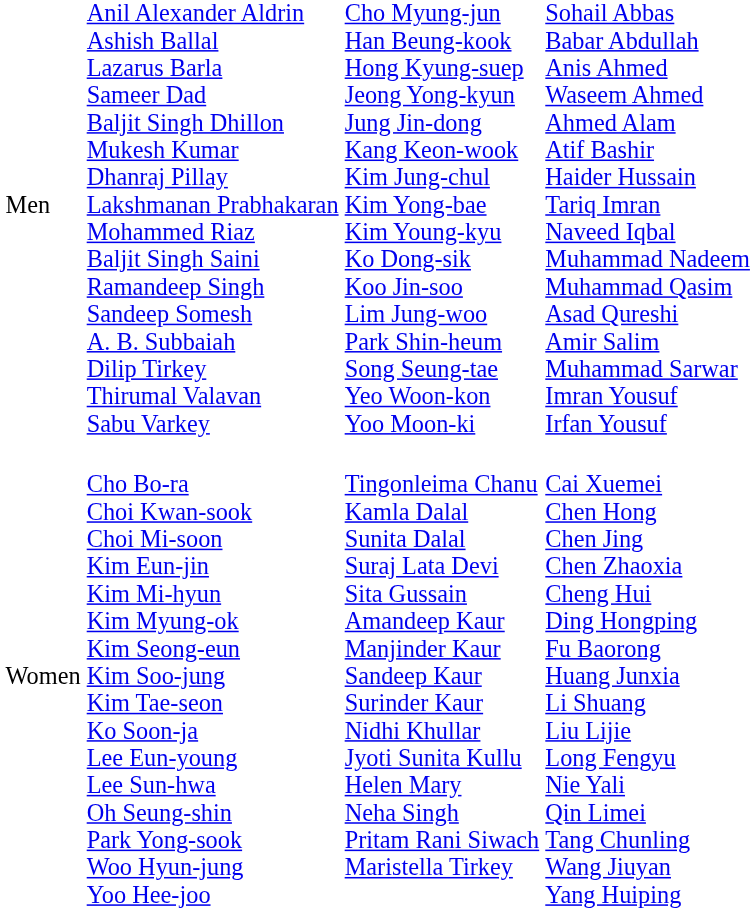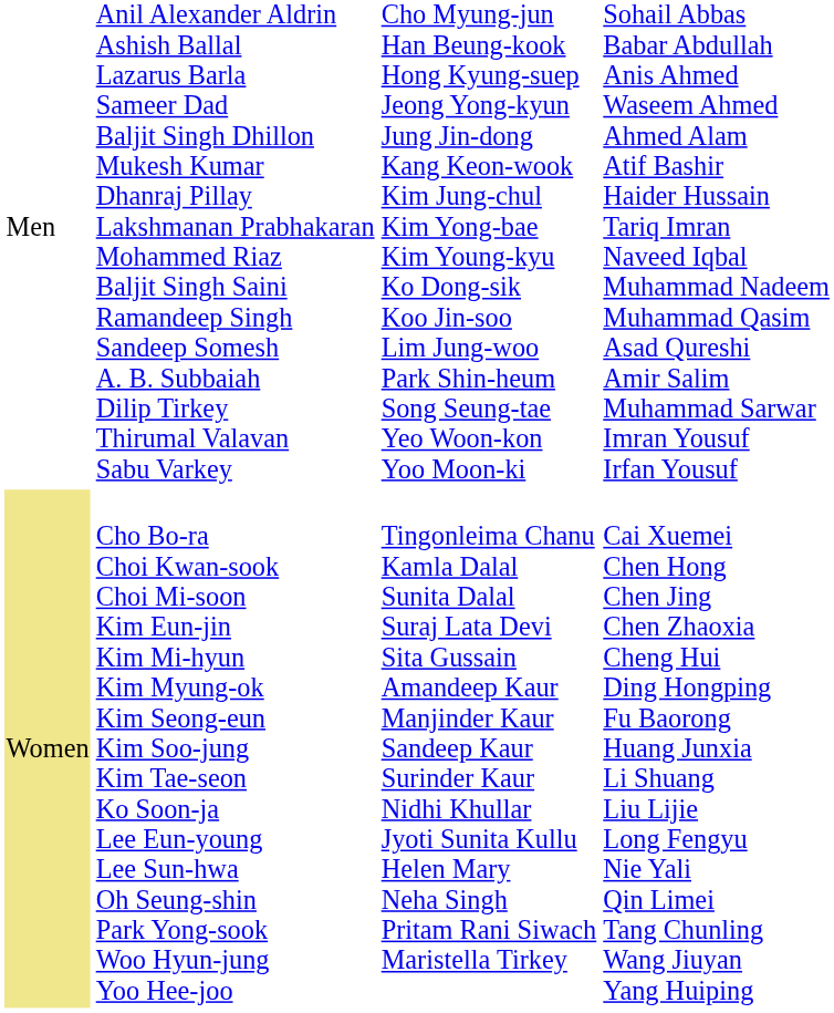 <table>
 <tr>
 <td>Men<br></td>
 <td><br><a href='#'>Anil Alexander Aldrin</a><br><a href='#'>Ashish Ballal</a><br><a href='#'>Lazarus Barla</a><br><a href='#'>Sameer Dad</a><br><a href='#'>Baljit Singh Dhillon</a><br><a href='#'>Mukesh Kumar</a><br><a href='#'>Dhanraj Pillay</a><br><a href='#'>Lakshmanan Prabhakaran</a><br><a href='#'>Mohammed Riaz</a><br><a href='#'>Baljit Singh Saini</a><br><a href='#'>Ramandeep Singh</a><br><a href='#'>Sandeep Somesh</a><br><a href='#'>A. B. Subbaiah</a><br><a href='#'>Dilip Tirkey</a><br><a href='#'>Thirumal Valavan</a><br><a href='#'>Sabu Varkey</a></td>
 <td><br><a href='#'>Cho Myung-jun</a><br><a href='#'>Han Beung-kook</a><br><a href='#'>Hong Kyung-suep</a><br><a href='#'>Jeong Yong-kyun</a><br><a href='#'>Jung Jin-dong</a><br><a href='#'>Kang Keon-wook</a><br><a href='#'>Kim Jung-chul</a><br><a href='#'>Kim Yong-bae</a><br><a href='#'>Kim Young-kyu</a><br><a href='#'>Ko Dong-sik</a><br><a href='#'>Koo Jin-soo</a><br><a href='#'>Lim Jung-woo</a><br><a href='#'>Park Shin-heum</a><br><a href='#'>Song Seung-tae</a><br><a href='#'>Yeo Woon-kon</a><br><a href='#'>Yoo Moon-ki</a></td>
 <td><br><a href='#'>Sohail Abbas</a><br><a href='#'>Babar Abdullah</a><br><a href='#'>Anis Ahmed</a><br><a href='#'>Waseem Ahmed</a><br><a href='#'>Ahmed Alam</a><br><a href='#'>Atif Bashir</a><br><a href='#'>Haider Hussain</a><br><a href='#'>Tariq Imran</a><br><a href='#'>Naveed Iqbal</a><br><a href='#'>Muhammad Nadeem</a><br><a href='#'>Muhammad Qasim</a><br><a href='#'>Asad Qureshi</a><br><a href='#'>Amir Salim</a><br><a href='#'>Muhammad Sarwar</a><br><a href='#'>Imran Yousuf</a><br><a href='#'>Irfan Yousuf</a></td>
 </tr>
 <tr>
-<td>Women<br></td>
+<td style="background: khaki;">Women<br></td>
 <td><br><a href='#'>Cho Bo-ra</a><br><a href='#'>Choi Kwan-sook</a><br><a href='#'>Choi Mi-soon</a><br><a href='#'>Kim Eun-jin</a><br><a href='#'>Kim Mi-hyun</a><br><a href='#'>Kim Myung-ok</a><br><a href='#'>Kim Seong-eun</a><br><a href='#'>Kim Soo-jung</a><br><a href='#'>Kim Tae-seon</a><br><a href='#'>Ko Soon-ja</a><br><a href='#'>Lee Eun-young</a><br><a href='#'>Lee Sun-hwa</a><br><a href='#'>Oh Seung-shin</a><br><a href='#'>Park Yong-sook</a><br><a href='#'>Woo Hyun-jung</a><br><a href='#'>Yoo Hee-joo</a></td>
 <td valign=top><br><a href='#'>Tingonleima Chanu</a><br><a href='#'>Kamla Dalal</a><br><a href='#'>Sunita Dalal</a><br><a href='#'>Suraj Lata Devi</a><br><a href='#'>Sita Gussain</a><br><a href='#'>Amandeep Kaur</a><br><a href='#'>Manjinder Kaur</a><br><a href='#'>Sandeep Kaur</a><br><a href='#'>Surinder Kaur</a><br><a href='#'>Nidhi Khullar</a><br><a href='#'>Jyoti Sunita Kullu</a><br><a href='#'>Helen Mary</a><br><a href='#'>Neha Singh</a><br><a href='#'>Pritam Rani Siwach</a><br><a href='#'>Maristella Tirkey</a></td>
 <td><br><a href='#'>Cai Xuemei</a><br><a href='#'>Chen Hong</a><br><a href='#'>Chen Jing</a><br><a href='#'>Chen Zhaoxia</a><br><a href='#'>Cheng Hui</a><br><a href='#'>Ding Hongping</a><br><a href='#'>Fu Baorong</a><br><a href='#'>Huang Junxia</a><br><a href='#'>Li Shuang</a><br><a href='#'>Liu Lijie</a><br><a href='#'>Long Fengyu</a><br><a href='#'>Nie Yali</a><br><a href='#'>Qin Limei</a><br><a href='#'>Tang Chunling</a><br><a href='#'>Wang Jiuyan</a><br><a href='#'>Yang Huiping</a></td>
 </tr>
 </table>
